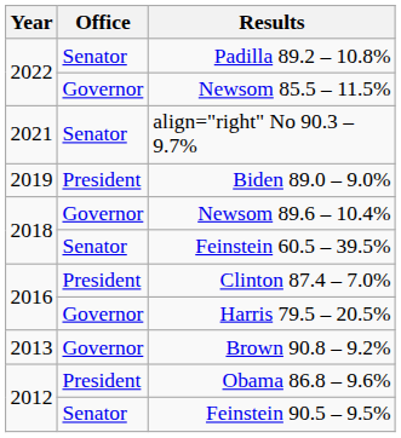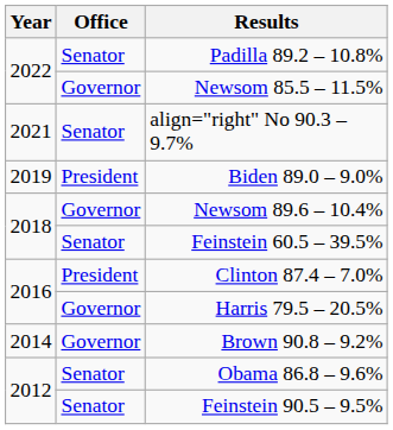 <table class=wikitable>
 <tr>
 <th width="30">Year</th>
 <th width="60">Office</th>
 <th width="180">Results</th>
 </tr>
 <tr>
 <td rowspan="2">2022</td>
 <td><a href='#'>Senator</a></td>
 <td align="right" ><a href='#'>Padilla</a> 89.2 – 10.8%</td>
 </tr>
 <tr>
 <td><a href='#'>Governor</a></td>
 <td align="right" ><a href='#'>Newsom</a> 85.5 – 11.5%</td>
 </tr>
 <tr>
 <td>2021</td>
 <td><a href='#'>Senator</a></td>
 <td>align="right"  No 90.3 – 9.7%</td>
 </tr>
 <tr>
 <td>2019</td>
 <td><a href='#'>President</a></td>
 <td align="right" ><a href='#'>Biden</a> 89.0 – 9.0%</td>
 </tr>
 <tr>
 <td rowspan="2">2018</td>
 <td><a href='#'>Governor</a></td>
 <td align="right" ><a href='#'>Newsom</a> 89.6 – 10.4%</td>
 </tr>
 <tr>
 <td><a href='#'>Senator</a></td>
 <td align="right" ><a href='#'>Feinstein</a> 60.5 – 39.5%</td>
 </tr>
 <tr>
 <td rowspan="2">2016</td>
 <td><a href='#'>President</a></td>
 <td align="right" ><a href='#'>Clinton</a> 87.4 – 7.0%</td>
 </tr>
 <tr>
 <td><a href='#'>Governor</a></td>
 <td align="right" ><a href='#'>Harris</a> 79.5 – 20.5%</td>
 </tr>
 <tr>
-<td>2013</td>
+<td>2014</td>
 <td><a href='#'>Governor</a></td>
 <td align="right" ><a href='#'>Brown</a> 90.8 – 9.2%</td>
 </tr>
 <tr>
 <td rowspan="2">2012</td>
-<td><a href='#'>President</a></td>
+<td><a href='#'>Senator</a></td>
 <td align="right" ><a href='#'>Obama</a> 86.8 – 9.6%</td>
 </tr>
 <tr>
 <td><a href='#'>Senator</a></td>
 <td align="right" ><a href='#'>Feinstein</a> 90.5 – 9.5%</td>
 </tr>
 </table>
